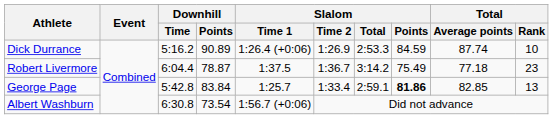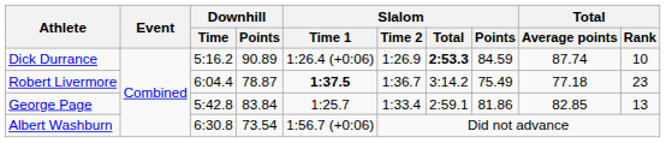 <table class=wikitable style=font-size:90%;text-align:center>
 <tr>
 <th rowspan=2>Athlete</th>
 <th rowspan=2>Event</th>
 <th colspan=2>Downhill</th>
 <th colspan=4>Slalom</th>
 <th colspan=2>Total</th>
 </tr>
 <tr style=font-size:95%>
 <th>Time</th>
 <th>Points</th>
 <th>Time 1</th>
 <th>Time 2</th>
 <th>Total</th>
 <th>Points</th>
 <th>Average points</th>
 <th>Rank</th>
 </tr>
 <tr>
 <td align=left><a href='#'>Dick Durrance</a></td>
 <td align=left rowspan=4><a href='#'>Combined</a></td>
 <td>5:16.2</td>
 <td>90.89</td>
 <td>1:26.4 (+0:06)</td>
 <td>1:26.9</td>
-<td>2:53.3</td>
+<td><strong>2:53.3</strong></td>
 <td>84.59</td>
 <td>87.74</td>
 <td>10</td>
 </tr>
 <tr>
 <td align=left><a href='#'>Robert Livermore</a></td>
 <td>6:04.4</td>
 <td>78.87</td>
-<td>1:37.5</td>
+<td><strong>1:37.5</strong></td>
 <td>1:36.7</td>
 <td>3:14.2</td>
 <td>75.49</td>
 <td>77.18</td>
 <td>23</td>
 </tr>
 <tr>
 <td align=left><a href='#'>George Page</a></td>
 <td>5:42.8</td>
 <td>83.84</td>
 <td>1:25.7</td>
 <td>1:33.4</td>
 <td>2:59.1</td>
-<td><strong>81.86</strong></td>
+<td>81.86</td>
 <td>82.85</td>
 <td>13</td>
 </tr>
 <tr>
 <td align=left><a href='#'>Albert Washburn</a></td>
 <td>6:30.8</td>
 <td>73.54</td>
 <td>1:56.7 (+0:06)</td>
 <td colspan=5>Did not advance</td>
 </tr>
 </table>
